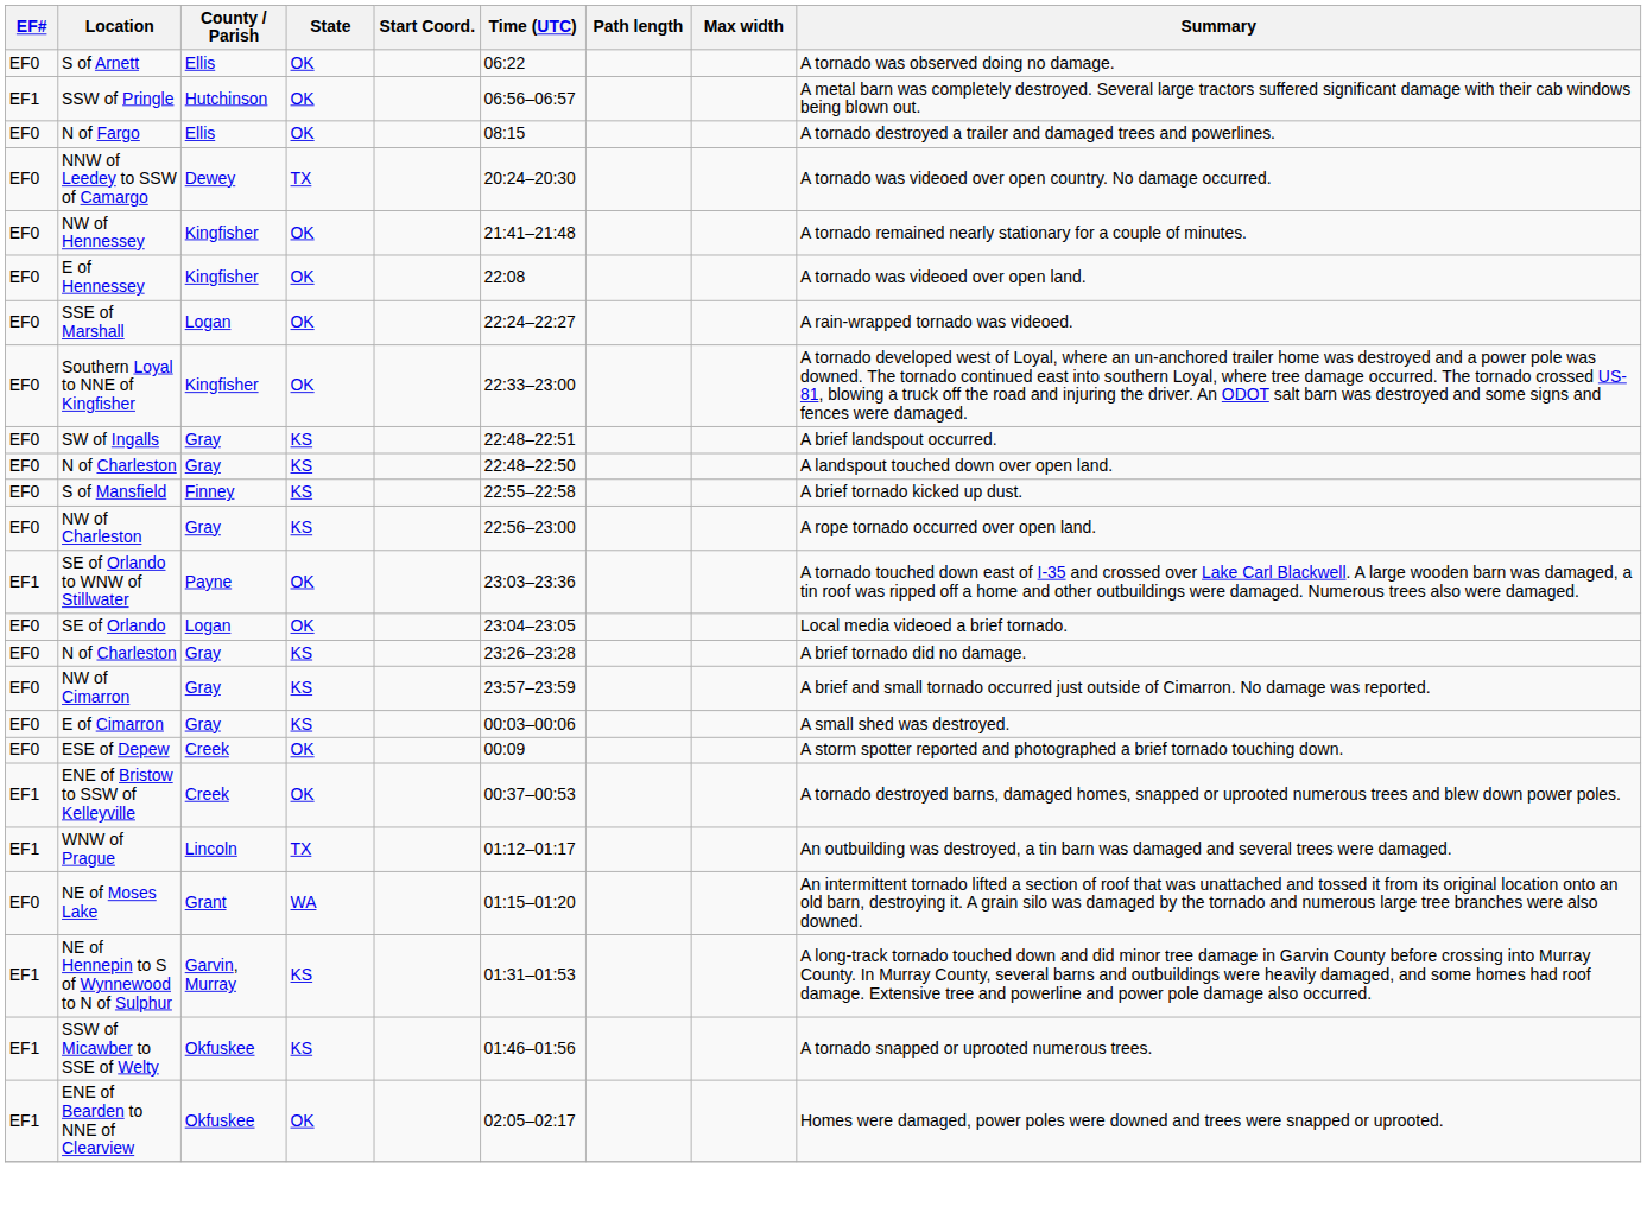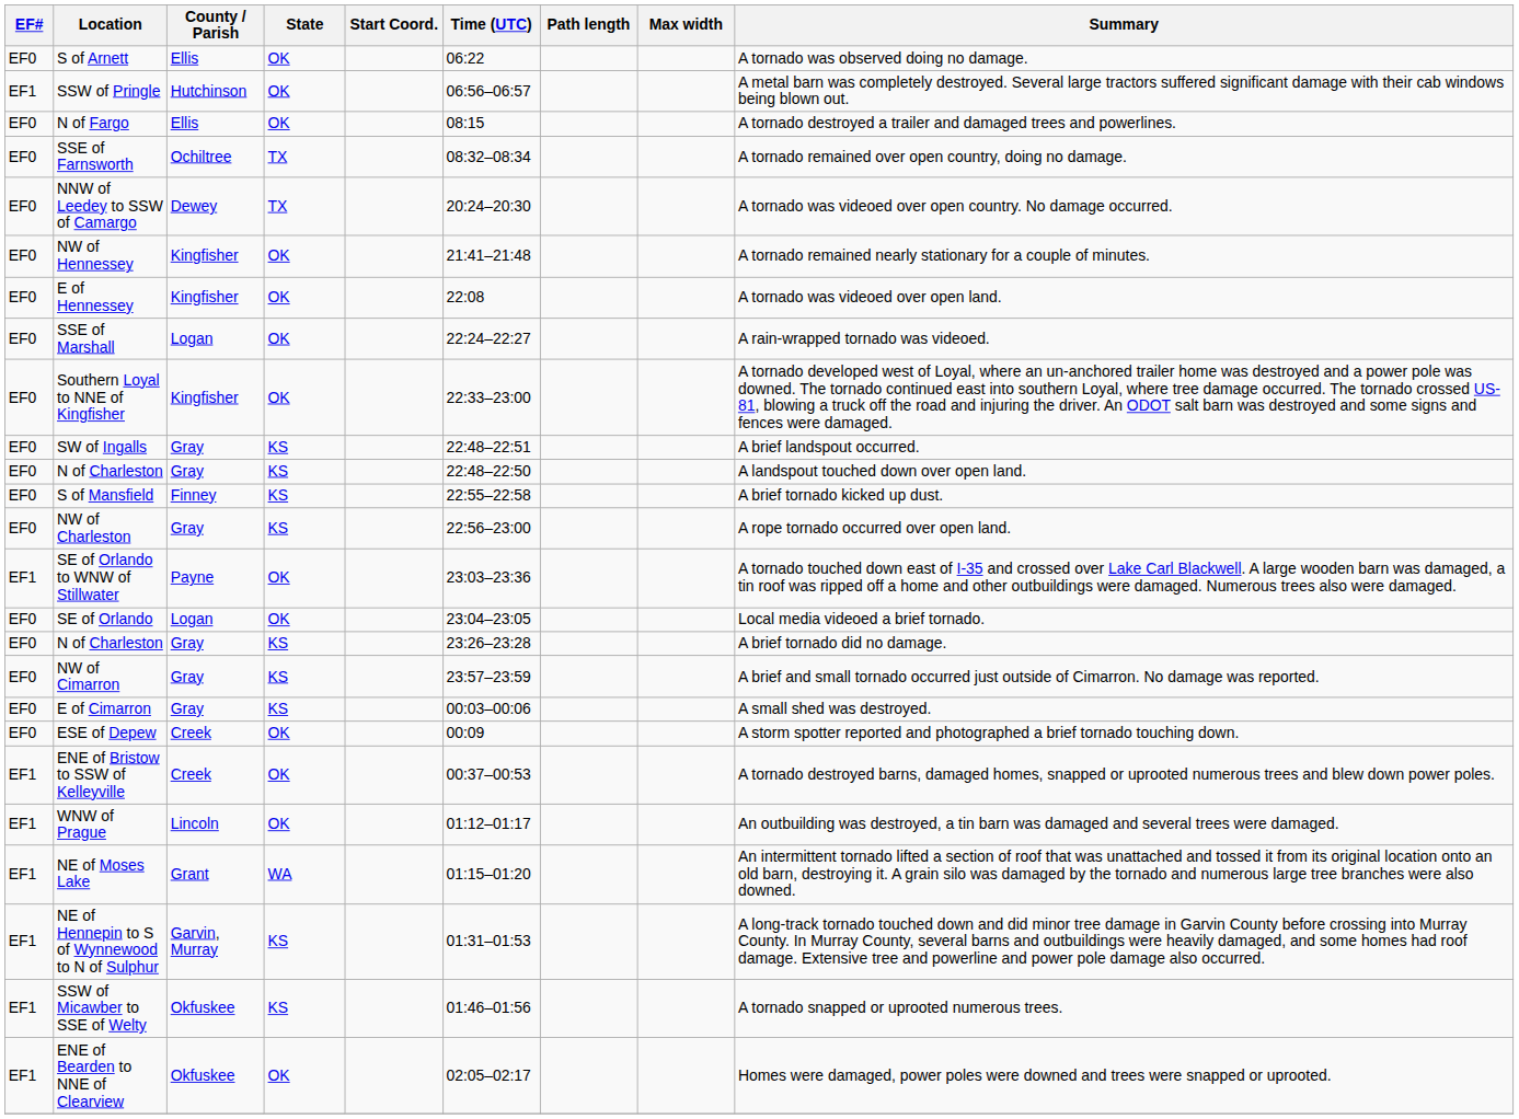 <table class="wikitable sortable" style="width:100%;">
 <tr>
 <th scope="col"  style="width:3%; text-align:center;"><a href='#'>EF#</a></th>
 <th scope="col"  style="width:7%; text-align:center;" class="unsortable">Location</th>
 <th scope="col"  style="width:6%; text-align:center;" class="unsortable">County / Parish</th>
 <th scope="col"  style="width:5%; text-align:center;">State</th>
 <th scope="col"  style="width:6%; text-align:center;">Start Coord.</th>
 <th scope="col"  style="width:6%; text-align:center;">Time (<a href='#'>UTC</a>)</th>
 <th scope="col"  style="width:6%; text-align:center;">Path length</th>
 <th scope="col"  style="width:6%; text-align:center;">Max width</th>
 <th scope="col" class="unsortable" style="width:48%; text-align:center;">Summary</th>
 </tr>
 <tr>
 <td>EF0</td>
 <td>S of <a href='#'>Arnett</a></td>
 <td><a href='#'>Ellis</a></td>
 <td><a href='#'>OK</a></td>
 <td></td>
 <td>06:22</td>
 <td></td>
 <td></td>
 <td>A tornado was observed doing no damage.</td>
 </tr>
 <tr>
 <td>EF1</td>
 <td>SSW of <a href='#'>Pringle</a></td>
 <td><a href='#'>Hutchinson</a></td>
 <td><a href='#'>OK</a></td>
 <td></td>
 <td>06:56–06:57</td>
 <td></td>
 <td></td>
 <td>A metal barn was completely destroyed. Several large tractors suffered significant damage with their cab windows being blown out.</td>
 </tr>
 <tr>
 <td>EF0</td>
 <td>N of <a href='#'>Fargo</a></td>
 <td><a href='#'>Ellis</a></td>
 <td><a href='#'>OK</a></td>
 <td></td>
 <td>08:15</td>
 <td></td>
 <td></td>
 <td>A tornado destroyed a trailer and damaged trees and powerlines.</td>
+</tr>
+<tr>
+<td>EF0</td>
+<td>SSE of <a href='#'>Farnsworth</a></td>
+<td><a href='#'>Ochiltree</a></td>
+<td><a href='#'>TX</a></td>
+<td></td>
+<td>08:32–08:34</td>
+<td></td>
+<td></td>
+<td>A tornado remained over open country, doing no damage.</td>
 </tr>
 <tr>
 <td>EF0</td>
 <td>NNW of <a href='#'>Leedey</a> to SSW of <a href='#'>Camargo</a></td>
 <td><a href='#'>Dewey</a></td>
 <td><a href='#'>TX</a></td>
 <td></td>
 <td>20:24–20:30</td>
 <td></td>
 <td></td>
 <td>A tornado was videoed over open country. No damage occurred.</td>
 </tr>
 <tr>
 <td>EF0</td>
 <td>NW of <a href='#'>Hennessey</a></td>
 <td><a href='#'>Kingfisher</a></td>
 <td><a href='#'>OK</a></td>
 <td></td>
 <td>21:41–21:48</td>
 <td></td>
 <td></td>
 <td>A tornado remained nearly stationary for a couple of minutes.</td>
 </tr>
 <tr>
 <td>EF0</td>
 <td>E of <a href='#'>Hennessey</a></td>
 <td><a href='#'>Kingfisher</a></td>
 <td><a href='#'>OK</a></td>
 <td></td>
 <td>22:08</td>
 <td></td>
 <td></td>
 <td>A tornado was videoed over open land.</td>
 </tr>
 <tr>
 <td>EF0</td>
 <td>SSE of <a href='#'>Marshall</a></td>
 <td><a href='#'>Logan</a></td>
 <td><a href='#'>OK</a></td>
 <td></td>
 <td>22:24–22:27</td>
 <td></td>
 <td></td>
 <td>A rain-wrapped tornado was videoed.</td>
 </tr>
 <tr>
 <td>EF0</td>
 <td>Southern <a href='#'>Loyal</a> to NNE of <a href='#'>Kingfisher</a></td>
 <td><a href='#'>Kingfisher</a></td>
 <td><a href='#'>OK</a></td>
 <td></td>
 <td>22:33–23:00</td>
 <td></td>
 <td></td>
 <td>A tornado developed west of Loyal, where an un-anchored trailer home was destroyed and a power pole was downed. The tornado continued east into southern Loyal, where tree damage occurred. The tornado crossed <a href='#'>US-81</a>, blowing a truck off the road and injuring the driver. An <a href='#'>ODOT</a> salt barn was destroyed and some signs and fences were damaged.</td>
 </tr>
 <tr>
 <td>EF0</td>
 <td>SW of <a href='#'>Ingalls</a></td>
 <td><a href='#'>Gray</a></td>
 <td><a href='#'>KS</a></td>
 <td></td>
 <td>22:48–22:51</td>
 <td></td>
 <td></td>
 <td>A brief landspout occurred.</td>
 </tr>
 <tr>
 <td>EF0</td>
 <td>N of <a href='#'>Charleston</a></td>
 <td><a href='#'>Gray</a></td>
 <td><a href='#'>KS</a></td>
 <td></td>
 <td>22:48–22:50</td>
 <td></td>
 <td></td>
 <td>A landspout touched down over open land.</td>
 </tr>
 <tr>
 <td>EF0</td>
 <td>S of <a href='#'>Mansfield</a></td>
 <td><a href='#'>Finney</a></td>
 <td><a href='#'>KS</a></td>
 <td></td>
 <td>22:55–22:58</td>
 <td></td>
 <td></td>
 <td>A brief tornado kicked up dust.</td>
 </tr>
 <tr>
 <td>EF0</td>
 <td>NW of <a href='#'>Charleston</a></td>
 <td><a href='#'>Gray</a></td>
 <td><a href='#'>KS</a></td>
 <td></td>
 <td>22:56–23:00</td>
 <td></td>
 <td></td>
 <td>A rope tornado occurred over open land.</td>
 </tr>
 <tr>
 <td>EF1</td>
 <td>SE of <a href='#'>Orlando</a> to WNW of <a href='#'>Stillwater</a></td>
 <td><a href='#'>Payne</a></td>
 <td><a href='#'>OK</a></td>
 <td></td>
 <td>23:03–23:36</td>
 <td></td>
 <td></td>
 <td>A tornado touched down east of <a href='#'>I-35</a> and crossed over <a href='#'>Lake Carl Blackwell</a>. A large wooden barn was damaged, a tin roof was ripped off a home and other outbuildings were damaged. Numerous trees also were damaged.</td>
 </tr>
 <tr>
 <td>EF0</td>
 <td>SE of <a href='#'>Orlando</a></td>
 <td><a href='#'>Logan</a></td>
 <td><a href='#'>OK</a></td>
 <td></td>
 <td>23:04–23:05</td>
 <td></td>
 <td></td>
 <td>Local media videoed a brief tornado.</td>
 </tr>
 <tr>
 <td>EF0</td>
 <td>N of <a href='#'>Charleston</a></td>
 <td><a href='#'>Gray</a></td>
 <td><a href='#'>KS</a></td>
 <td></td>
 <td>23:26–23:28</td>
 <td></td>
 <td></td>
 <td>A brief tornado did no damage.</td>
 </tr>
 <tr>
 <td>EF0</td>
 <td>NW of <a href='#'>Cimarron</a></td>
 <td><a href='#'>Gray</a></td>
 <td><a href='#'>KS</a></td>
 <td></td>
 <td>23:57–23:59</td>
 <td></td>
 <td></td>
 <td>A brief and small tornado occurred just outside of Cimarron. No damage was reported.</td>
 </tr>
 <tr>
 <td>EF0</td>
 <td>E of <a href='#'>Cimarron</a></td>
 <td><a href='#'>Gray</a></td>
 <td><a href='#'>KS</a></td>
 <td></td>
 <td>00:03–00:06</td>
 <td></td>
 <td></td>
 <td>A small shed was destroyed.</td>
 </tr>
 <tr>
 <td>EF0</td>
 <td>ESE of <a href='#'>Depew</a></td>
 <td><a href='#'>Creek</a></td>
 <td><a href='#'>OK</a></td>
 <td></td>
 <td>00:09</td>
 <td></td>
 <td></td>
 <td>A storm spotter reported and photographed a brief tornado touching down.</td>
 </tr>
 <tr>
 <td>EF1</td>
 <td>ENE of <a href='#'>Bristow</a> to SSW of <a href='#'>Kelleyville</a></td>
 <td><a href='#'>Creek</a></td>
 <td><a href='#'>OK</a></td>
 <td></td>
 <td>00:37–00:53</td>
 <td></td>
 <td></td>
 <td>A tornado destroyed barns, damaged homes, snapped or uprooted numerous trees and blew down power poles.</td>
 </tr>
 <tr>
 <td>EF1</td>
 <td>WNW of <a href='#'>Prague</a></td>
 <td><a href='#'>Lincoln</a></td>
-<td><a href='#'>TX</a></td>
+<td><a href='#'>OK</a></td>
 <td></td>
 <td>01:12–01:17</td>
 <td></td>
 <td></td>
 <td>An outbuilding was destroyed, a tin barn was damaged and several trees were damaged.</td>
 </tr>
 <tr>
-<td>EF0</td>
+<td>EF1</td>
 <td>NE of <a href='#'>Moses Lake</a></td>
 <td><a href='#'>Grant</a></td>
 <td><a href='#'>WA</a></td>
 <td></td>
 <td>01:15–01:20</td>
 <td></td>
 <td></td>
 <td>An intermittent tornado lifted a section of roof that was unattached and tossed it  from its original location onto an old barn, destroying it. A grain silo was damaged by the tornado and numerous large tree branches were also downed.</td>
 </tr>
 <tr>
 <td>EF1</td>
 <td>NE of <a href='#'>Hennepin</a> to S of <a href='#'>Wynnewood</a> to N of <a href='#'>Sulphur</a></td>
 <td><a href='#'>Garvin</a>, <a href='#'>Murray</a></td>
 <td><a href='#'>KS</a></td>
 <td></td>
 <td>01:31–01:53</td>
 <td></td>
 <td></td>
 <td>A long-track tornado touched down and did minor tree damage in Garvin County before crossing into Murray County. In Murray County, several barns and outbuildings were heavily damaged, and some homes had roof damage. Extensive tree and powerline and power pole damage also occurred.</td>
 </tr>
 <tr>
 <td>EF1</td>
 <td>SSW of <a href='#'>Micawber</a> to SSE of <a href='#'>Welty</a></td>
 <td><a href='#'>Okfuskee</a></td>
 <td><a href='#'>KS</a></td>
 <td></td>
 <td>01:46–01:56</td>
 <td></td>
 <td></td>
 <td>A tornado snapped or uprooted numerous trees.</td>
 </tr>
 <tr>
 <td>EF1</td>
 <td>ENE of <a href='#'>Bearden</a> to NNE of <a href='#'>Clearview</a></td>
 <td><a href='#'>Okfuskee</a></td>
 <td><a href='#'>OK</a></td>
 <td></td>
 <td>02:05–02:17</td>
 <td></td>
 <td></td>
 <td>Homes were damaged, power poles were downed and trees were snapped or uprooted.</td>
 </tr>
 <tr>
 </tr>
 </table>
